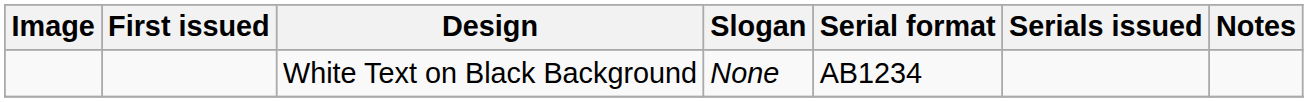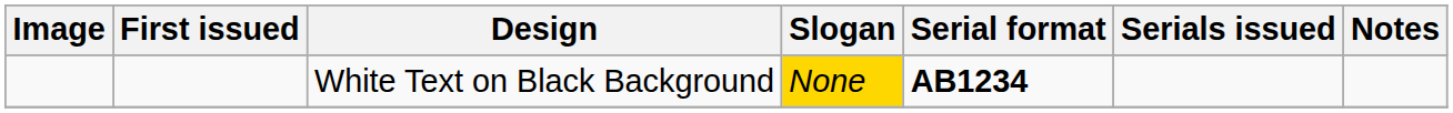 <table class="wikitable">
 <tr>
 <th>Image</th>
 <th>First issued</th>
 <th>Design</th>
 <th>Slogan</th>
 <th>Serial format</th>
 <th>Serials issued</th>
 <th>Notes</th>
 </tr>
 <tr>
 <td></td>
 <td></td>
 <td>White Text on Black Background</td>
-<td><em>None</em></td>
-<td>AB1234</td>
+<td style="background: gold;"><em>None</em></td>
+<td><strong>AB1234</strong></td>
 <td></td>
 <td></td>
 </tr>
 <tr>
 </tr>
 </table>
